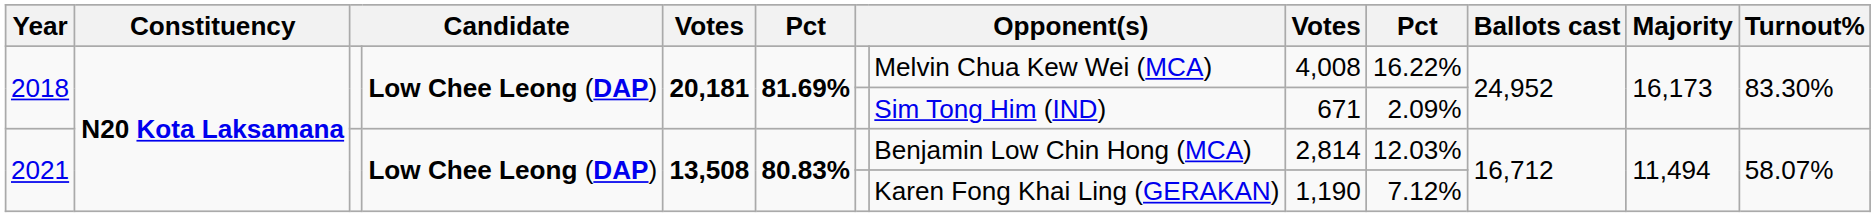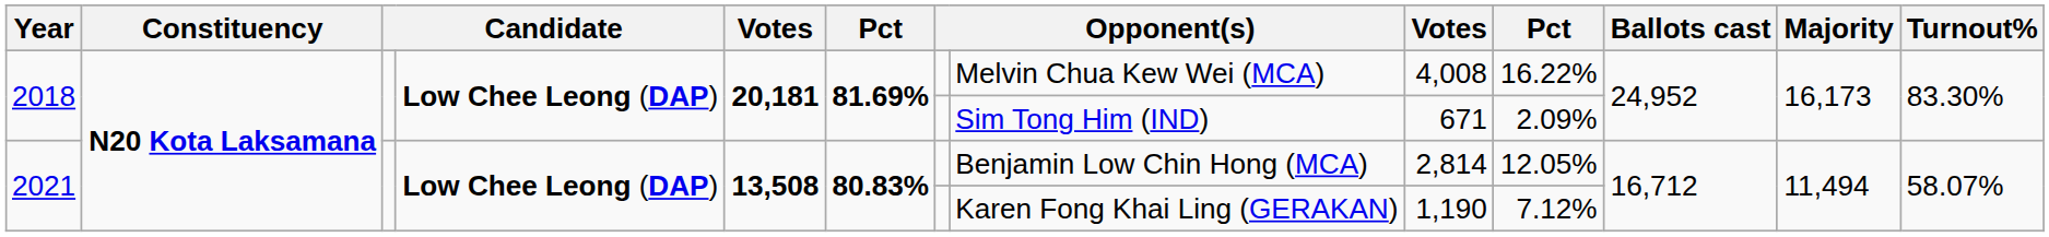 <table class="wikitable" style="margin:0.5em ; font-size:95%">
 <tr>
 <th>Year</th>
 <th>Constituency</th>
 <th colspan=2>Candidate</th>
 <th>Votes</th>
 <th>Pct</th>
 <th colspan=2>Opponent(s)</th>
 <th>Votes</th>
 <th>Pct</th>
 <th>Ballots cast</th>
 <th>Majority</th>
 <th>Turnout%</th>
 </tr>
 <tr>
 <td rowspan=2><a href='#'>2018</a></td>
 <td rowspan=4><strong>N20 <a href='#'>Kota Laksamana</a></strong></td>
 <td rowspan=2 ></td>
 <td rowspan=2><strong>Low Chee Leong</strong> (<a href='#'><strong>DAP</strong></a>)</td>
 <td rowspan=2 align="right"><strong>20,181</strong></td>
 <td rowspan=2><strong>81.69%</strong></td>
 <td></td>
 <td>Melvin Chua Kew Wei (<a href='#'>MCA</a>)</td>
 <td align="right">4,008</td>
 <td>16.22%</td>
 <td rowspan=2>24,952</td>
 <td rowspan=2>16,173</td>
 <td rowspan=2>83.30%</td>
 </tr>
 <tr>
 <td></td>
 <td><a href='#'>Sim Tong Him</a> (<a href='#'>IND</a>)</td>
 <td align="right">671</td>
 <td align=right>2.09%</td>
 </tr>
 <tr>
 <td rowspan=2><a href='#'>2021</a></td>
 <td rowspan=2 ></td>
 <td rowspan=2><strong>Low Chee Leong</strong> (<a href='#'><strong>DAP</strong></a>)</td>
 <td rowspan=2 align="right"><strong>13,508</strong></td>
 <td rowspan=2><strong>80.83%</strong></td>
 <td></td>
 <td>Benjamin Low Chin Hong (<a href='#'>MCA</a>)</td>
 <td align="right">2,814</td>
-<td>12.03%</td>
+<td>12.05%</td>
 <td rowspan=2>16,712</td>
 <td rowspan=2>11,494</td>
 <td rowspan=2>58.07%</td>
 </tr>
 <tr>
 <td></td>
 <td>Karen Fong Khai Ling (<a href='#'>GERAKAN</a>)</td>
 <td align="right">1,190</td>
 <td align=right>7.12%</td>
 </tr>
 </table>
